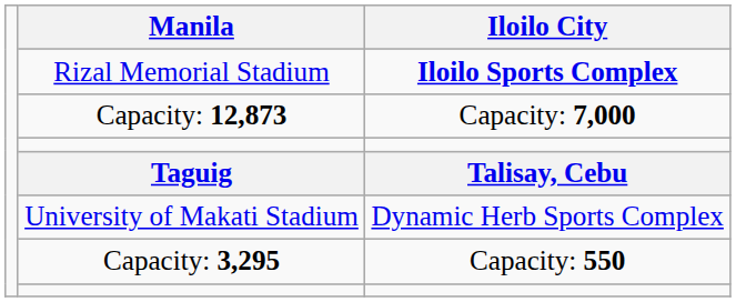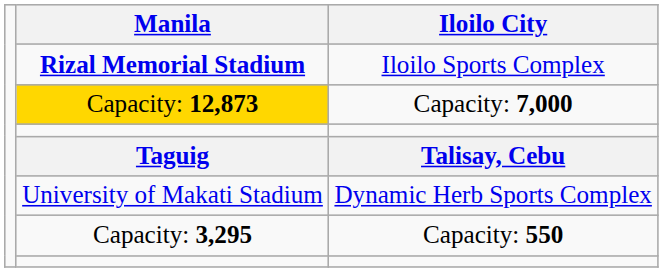 <table class="wikitable" style="text-align:center">
 <tr>
 <td rowspan="8"></td>
 <th><a href='#'>Manila</a></th>
 <th><a href='#'>Iloilo City</a></th>
 </tr>
 <tr>
-<td><a href='#'>Rizal Memorial Stadium</a></td>
-<td><strong><a href='#'>Iloilo Sports Complex</a></strong></td>
+<td><strong><a href='#'>Rizal Memorial Stadium</a></strong></td>
+<td><a href='#'>Iloilo Sports Complex</a></td>
 </tr>
 <tr>
-<td>Capacity: <strong>12,873</strong></td>
+<td style="background: gold;">Capacity: <strong>12,873</strong></td>
 <td>Capacity: <strong>7,000</strong></td>
 </tr>
 <tr>
 <td></td>
 <td></td>
 </tr>
 <tr>
 <th><a href='#'>Taguig</a></th>
 <th><a href='#'>Talisay, Cebu</a></th>
 </tr>
 <tr>
 <td><a href='#'>University of Makati Stadium</a></td>
 <td><a href='#'>Dynamic Herb Sports Complex</a></td>
 </tr>
 <tr>
 <td>Capacity: <strong>3,295</strong></td>
 <td>Capacity: <strong>550</strong></td>
 </tr>
 <tr>
 <td></td>
 <td></td>
 </tr>
 </table>
